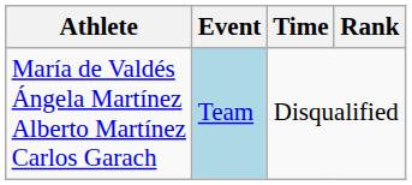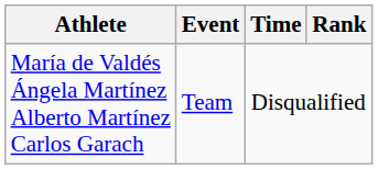 <table class=wikitable style="font-size:90%;">
 <tr>
 <th>Athlete</th>
 <th>Event</th>
 <th>Time</th>
 <th>Rank</th>
 </tr>
 <tr style="text-align:center">
 <td style="text-align:left"><a href='#'>María de Valdés</a><br><a href='#'>Ángela Martínez</a><br><a href='#'>Alberto Martínez</a><br><a href='#'>Carlos Garach</a></td>
-<td style="background: lightblue; text-align:left"><a href='#'>Team</a></td>
+<td style="text-align:left"><a href='#'>Team</a></td>
 <td colspan=2>Disqualified</td>
 </tr>
 </table>
